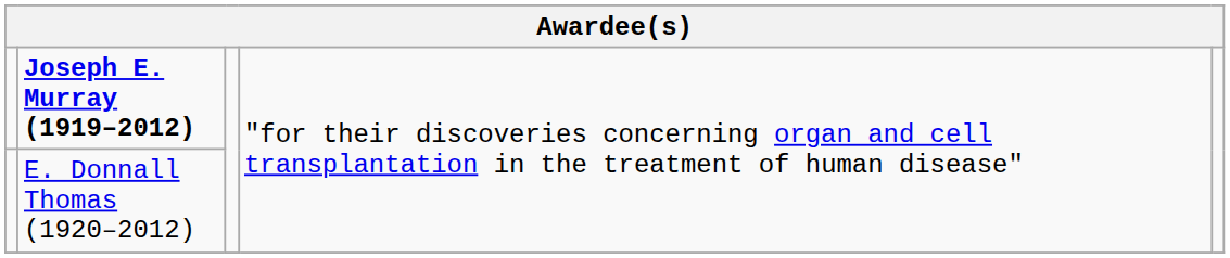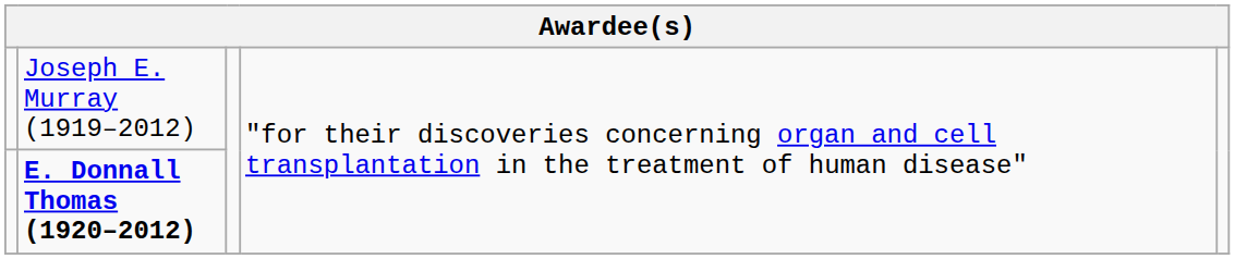 <table class="wikitable">
 <tr>
 <th colspan="5">Awardee(s)</th>
 </tr>
 <tr>
 <td></td>
-<td><strong><a href='#'>Joseph E. Murray</a><br>(1919–2012)</strong></td>
+<td><a href='#'>Joseph E. Murray</a><br>(1919–2012)</td>
 <td rowspan="2"></td>
 <td rowspan="2">"for their discoveries concerning <a href='#'>organ and cell transplantation</a> in the treatment of human disease"</td>
 <td rowspan="2"></td>
 </tr>
 <tr>
 <td></td>
-<td><a href='#'>E. Donnall Thomas</a><br>(1920–2012)</td>
+<td><strong><a href='#'>E. Donnall Thomas</a><br>(1920–2012)</strong></td>
 </tr>
 </table>
